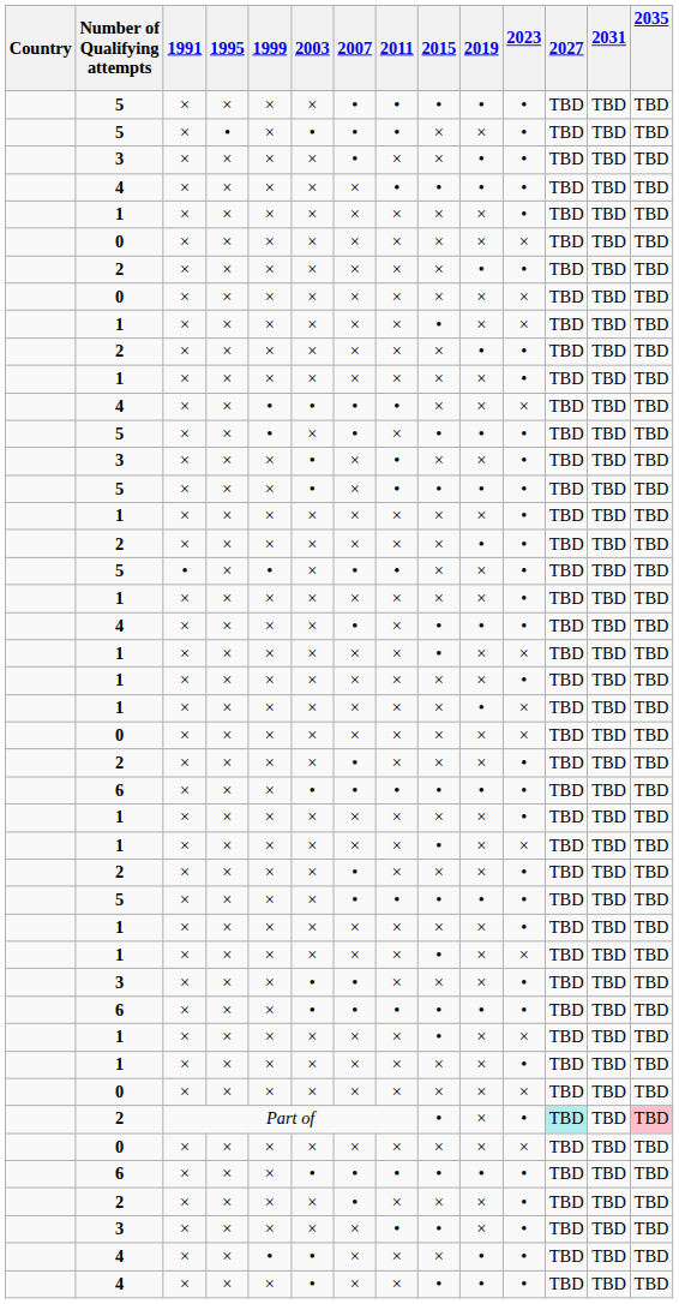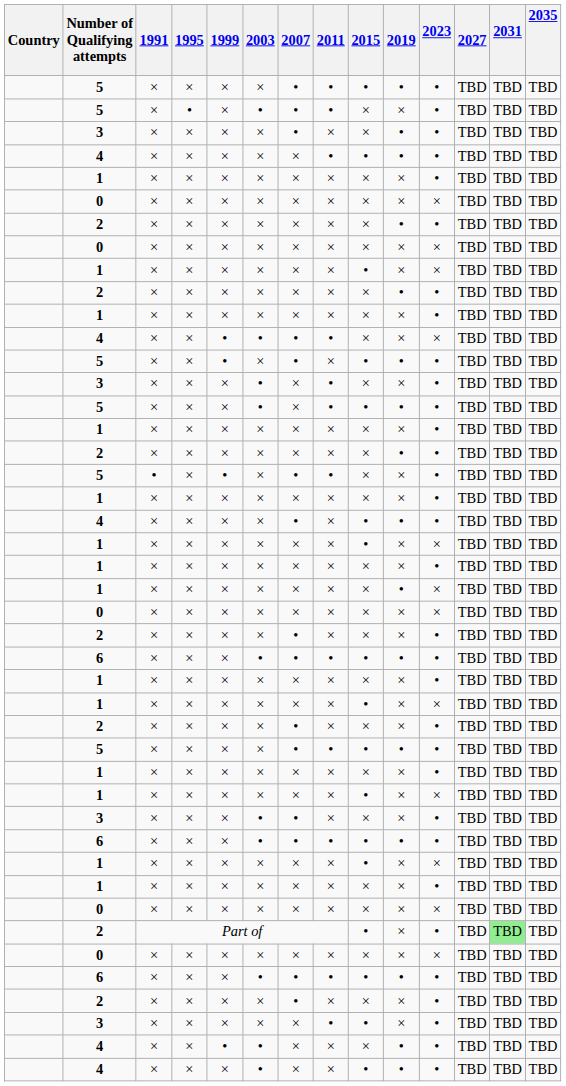 <table class="wikitable" style="text-align: center;">
 <tr>
 <th>Country</th>
 <th>Number of <br> Qualifying <br> attempts</th>
 <th><a href='#'>1991</a><br></th>
 <th><a href='#'>1995</a><br></th>
 <th><a href='#'>1999</a><br></th>
 <th><a href='#'>2003</a><br></th>
 <th><a href='#'>2007</a><br></th>
 <th><a href='#'>2011</a><br></th>
 <th><a href='#'>2015</a><br></th>
 <th><a href='#'>2019</a><br></th>
 <th><a href='#'>2023</a><br><br></th>
 <th><a href='#'>2027</a><br></th>
 <th><a href='#'>2031</a><br><br></th>
 <th><a href='#'>2035</a><br><br><br><br></th>
 </tr>
 <tr>
 <td style="text-align: left;"></td>
 <td><strong>5</strong></td>
 <td>×</td>
 <td>×</td>
 <td>×</td>
 <td>×</td>
 <td>•</td>
 <td>•</td>
 <td>•</td>
 <td>•</td>
 <td>•</td>
 <td>TBD</td>
 <td>TBD</td>
 <td>TBD</td>
 </tr>
 <tr>
 <td style="text-align: left;"></td>
 <td><strong>5</strong></td>
 <td>×</td>
 <td>•</td>
 <td>×</td>
 <td>•</td>
 <td>•</td>
 <td>•</td>
 <td>×</td>
 <td>×</td>
 <td>•</td>
 <td>TBD</td>
 <td>TBD</td>
 <td>TBD</td>
 </tr>
 <tr>
 <td style="text-align: left;"></td>
 <td><strong>3</strong></td>
 <td>×</td>
 <td>×</td>
 <td>×</td>
 <td>×</td>
 <td>•</td>
 <td>×</td>
 <td>×</td>
 <td>•</td>
 <td>•</td>
 <td>TBD</td>
 <td>TBD</td>
 <td>TBD</td>
 </tr>
 <tr>
 <td style="text-align: left;"></td>
 <td><strong>4</strong></td>
 <td>×</td>
 <td>×</td>
 <td>×</td>
 <td>×</td>
 <td>×</td>
 <td>•</td>
 <td>•</td>
 <td>•</td>
 <td>•</td>
 <td>TBD</td>
 <td>TBD</td>
 <td>TBD</td>
 </tr>
 <tr>
 <td style="text-align: left;"></td>
 <td><strong>1</strong></td>
 <td>×</td>
 <td>×</td>
 <td>×</td>
 <td>×</td>
 <td>×</td>
 <td>×</td>
 <td>×</td>
 <td>×</td>
 <td>•</td>
 <td>TBD</td>
 <td>TBD</td>
 <td>TBD</td>
 </tr>
 <tr>
 <td style="text-align: left;"></td>
 <td><strong>0</strong></td>
 <td>×</td>
 <td>×</td>
 <td>×</td>
 <td>×</td>
 <td>×</td>
 <td>×</td>
 <td>×</td>
 <td>×</td>
 <td>×</td>
 <td>TBD</td>
 <td>TBD</td>
 <td>TBD</td>
 </tr>
 <tr>
 <td style="text-align: left;"></td>
 <td><strong>2</strong></td>
 <td>×</td>
 <td>×</td>
 <td>×</td>
 <td>×</td>
 <td>×</td>
 <td>×</td>
 <td>×</td>
 <td>•</td>
 <td>•</td>
 <td>TBD</td>
 <td>TBD</td>
 <td>TBD</td>
 </tr>
 <tr>
 <td style="text-align: left;"></td>
 <td><strong>0</strong></td>
 <td>×</td>
 <td>×</td>
 <td>×</td>
 <td>×</td>
 <td>×</td>
 <td>×</td>
 <td>×</td>
 <td>×</td>
 <td>×</td>
 <td>TBD</td>
 <td>TBD</td>
 <td>TBD</td>
 </tr>
 <tr>
 <td style="text-align: left;"></td>
 <td><strong>1</strong></td>
 <td>×</td>
 <td>×</td>
 <td>×</td>
 <td>×</td>
 <td>×</td>
 <td>×</td>
 <td>•</td>
 <td>×</td>
 <td>×</td>
 <td>TBD</td>
 <td>TBD</td>
 <td>TBD</td>
 </tr>
 <tr>
 <td style="text-align: left;"></td>
 <td><strong>2</strong></td>
 <td>×</td>
 <td>×</td>
 <td>×</td>
 <td>×</td>
 <td>×</td>
 <td>×</td>
 <td>×</td>
 <td>•</td>
 <td>•</td>
 <td>TBD</td>
 <td>TBD</td>
 <td>TBD</td>
 </tr>
 <tr>
 <td style="text-align: left;"></td>
 <td><strong>1</strong></td>
 <td>×</td>
 <td>×</td>
 <td>×</td>
 <td>×</td>
 <td>×</td>
 <td>×</td>
 <td>×</td>
 <td>×</td>
 <td>•</td>
 <td>TBD</td>
 <td>TBD</td>
 <td>TBD</td>
 </tr>
 <tr>
 <td style="text-align: left;"></td>
 <td><strong>4</strong></td>
 <td>×</td>
 <td>×</td>
 <td>•</td>
 <td>•</td>
 <td>•</td>
 <td>•</td>
 <td>×</td>
 <td>×</td>
 <td>×</td>
 <td>TBD</td>
 <td>TBD</td>
 <td>TBD</td>
 </tr>
 <tr>
 <td style="text-align: left;"></td>
 <td><strong>5</strong></td>
 <td>×</td>
 <td>×</td>
 <td>•</td>
 <td>×</td>
 <td>•</td>
 <td>×</td>
 <td>•</td>
 <td>•</td>
 <td>•</td>
 <td>TBD</td>
 <td>TBD</td>
 <td>TBD</td>
 </tr>
 <tr>
 <td style="text-align: left;"></td>
 <td><strong>3</strong></td>
 <td>×</td>
 <td>×</td>
 <td>×</td>
 <td>•</td>
 <td>×</td>
 <td>•</td>
 <td>×</td>
 <td>×</td>
 <td>•</td>
 <td>TBD</td>
 <td>TBD</td>
 <td>TBD</td>
 </tr>
 <tr>
 <td style="text-align: left;"></td>
 <td><strong>5</strong></td>
 <td>×</td>
 <td>×</td>
 <td>×</td>
 <td>•</td>
 <td>×</td>
 <td>•</td>
 <td>•</td>
 <td>•</td>
 <td>•</td>
 <td>TBD</td>
 <td>TBD</td>
 <td>TBD</td>
 </tr>
 <tr>
 <td style="text-align: left;"></td>
 <td><strong>1</strong></td>
 <td>×</td>
 <td>×</td>
 <td>×</td>
 <td>×</td>
 <td>×</td>
 <td>×</td>
 <td>×</td>
 <td>×</td>
 <td>•</td>
 <td>TBD</td>
 <td>TBD</td>
 <td>TBD</td>
 </tr>
 <tr>
 <td style="text-align: left;"></td>
 <td><strong>2</strong></td>
 <td>×</td>
 <td>×</td>
 <td>×</td>
 <td>×</td>
 <td>×</td>
 <td>×</td>
 <td>×</td>
 <td>•</td>
 <td>•</td>
 <td>TBD</td>
 <td>TBD</td>
 <td>TBD</td>
 </tr>
 <tr>
 <td style="text-align: left;"></td>
 <td><strong>5</strong></td>
 <td>•</td>
 <td>×</td>
 <td>•</td>
 <td>×</td>
 <td>•</td>
 <td>•</td>
 <td>×</td>
 <td>×</td>
 <td>•</td>
 <td>TBD</td>
 <td>TBD</td>
 <td>TBD</td>
 </tr>
 <tr>
 <td style="text-align: left;"></td>
 <td><strong>1</strong></td>
 <td>×</td>
 <td>×</td>
 <td>×</td>
 <td>×</td>
 <td>×</td>
 <td>×</td>
 <td>×</td>
 <td>×</td>
 <td>•</td>
 <td>TBD</td>
 <td>TBD</td>
 <td>TBD</td>
 </tr>
 <tr>
 <td style="text-align: left;"></td>
 <td><strong>4</strong></td>
 <td>×</td>
 <td>×</td>
 <td>×</td>
 <td>×</td>
 <td>•</td>
 <td>×</td>
 <td>•</td>
 <td>•</td>
 <td>•</td>
 <td>TBD</td>
 <td>TBD</td>
 <td>TBD</td>
 </tr>
 <tr>
 <td style="text-align: left;"></td>
 <td><strong>1</strong></td>
 <td>×</td>
 <td>×</td>
 <td>×</td>
 <td>×</td>
 <td>×</td>
 <td>×</td>
 <td>•</td>
 <td>×</td>
 <td>×</td>
 <td>TBD</td>
 <td>TBD</td>
 <td>TBD</td>
 </tr>
 <tr>
 <td style="text-align: left;"></td>
 <td><strong>1</strong></td>
 <td>×</td>
 <td>×</td>
 <td>×</td>
 <td>×</td>
 <td>×</td>
 <td>×</td>
 <td>×</td>
 <td>×</td>
 <td>•</td>
 <td>TBD</td>
 <td>TBD</td>
 <td>TBD</td>
 </tr>
 <tr>
 <td style="text-align: left;"></td>
 <td><strong>1</strong></td>
 <td>×</td>
 <td>×</td>
 <td>×</td>
 <td>×</td>
 <td>×</td>
 <td>×</td>
 <td>×</td>
 <td>•</td>
 <td>×</td>
 <td>TBD</td>
 <td>TBD</td>
 <td>TBD</td>
 </tr>
 <tr>
 <td style="text-align: left;"></td>
 <td><strong>0</strong></td>
 <td>×</td>
 <td>×</td>
 <td>×</td>
 <td>×</td>
 <td>×</td>
 <td>×</td>
 <td>×</td>
 <td>×</td>
 <td>×</td>
 <td>TBD</td>
 <td>TBD</td>
 <td>TBD</td>
 </tr>
 <tr>
 <td style="text-align: left;"></td>
 <td><strong>2</strong></td>
 <td>×</td>
 <td>×</td>
 <td>×</td>
 <td>×</td>
 <td>•</td>
 <td>×</td>
 <td>×</td>
 <td>×</td>
 <td>•</td>
 <td>TBD</td>
 <td>TBD</td>
 <td>TBD</td>
 </tr>
 <tr>
 <td style="text-align: left;"></td>
 <td><strong>6</strong></td>
 <td>×</td>
 <td>×</td>
 <td>×</td>
 <td>•</td>
 <td>•</td>
 <td>•</td>
 <td>•</td>
 <td>•</td>
 <td>•</td>
 <td>TBD</td>
 <td>TBD</td>
 <td>TBD</td>
 </tr>
 <tr>
 <td style="text-align: left;"></td>
 <td><strong>1</strong></td>
 <td>×</td>
 <td>×</td>
 <td>×</td>
 <td>×</td>
 <td>×</td>
 <td>×</td>
 <td>×</td>
 <td>×</td>
 <td>•</td>
 <td>TBD</td>
 <td>TBD</td>
 <td>TBD</td>
 </tr>
 <tr>
 <td style="text-align: left;"></td>
 <td><strong>1</strong></td>
 <td>×</td>
 <td>×</td>
 <td>×</td>
 <td>×</td>
 <td>×</td>
 <td>×</td>
 <td>•</td>
 <td>×</td>
 <td>×</td>
 <td>TBD</td>
 <td>TBD</td>
 <td>TBD</td>
 </tr>
 <tr>
 <td style="text-align: left;"></td>
 <td><strong>2</strong></td>
 <td>×</td>
 <td>×</td>
 <td>×</td>
 <td>×</td>
 <td>•</td>
 <td>×</td>
 <td>×</td>
 <td>×</td>
 <td>•</td>
 <td>TBD</td>
 <td>TBD</td>
 <td>TBD</td>
 </tr>
 <tr>
 <td style="text-align: left;"></td>
 <td><strong>5</strong></td>
 <td>×</td>
 <td>×</td>
 <td>×</td>
 <td>×</td>
 <td>•</td>
 <td>•</td>
 <td>•</td>
 <td>•</td>
 <td>•</td>
 <td>TBD</td>
 <td>TBD</td>
 <td>TBD</td>
 </tr>
 <tr>
 <td style="text-align: left;"></td>
 <td><strong>1</strong></td>
 <td>×</td>
 <td>×</td>
 <td>×</td>
 <td>×</td>
 <td>×</td>
 <td>×</td>
 <td>×</td>
 <td>×</td>
 <td>•</td>
 <td>TBD</td>
 <td>TBD</td>
 <td>TBD</td>
 </tr>
 <tr>
 <td style="text-align: left;"></td>
 <td><strong>1</strong></td>
 <td>×</td>
 <td>×</td>
 <td>×</td>
 <td>×</td>
 <td>×</td>
 <td>×</td>
 <td>•</td>
 <td>×</td>
 <td>×</td>
 <td>TBD</td>
 <td>TBD</td>
 <td>TBD</td>
 </tr>
 <tr>
 <td style="text-align: left;"></td>
 <td><strong>3</strong></td>
 <td>×</td>
 <td>×</td>
 <td>×</td>
 <td>•</td>
 <td>•</td>
 <td>×</td>
 <td>×</td>
 <td>×</td>
 <td>•</td>
 <td>TBD</td>
 <td>TBD</td>
 <td>TBD</td>
 </tr>
 <tr>
 <td style="text-align: left;"></td>
 <td><strong>6</strong></td>
 <td>×</td>
 <td>×</td>
 <td>×</td>
 <td>•</td>
 <td>•</td>
 <td>•</td>
 <td>•</td>
 <td>•</td>
 <td>•</td>
 <td>TBD</td>
 <td>TBD</td>
 <td>TBD</td>
 </tr>
 <tr>
 <td style="text-align: left;"></td>
 <td><strong>1</strong></td>
 <td>×</td>
 <td>×</td>
 <td>×</td>
 <td>×</td>
 <td>×</td>
 <td>×</td>
 <td>•</td>
 <td>×</td>
 <td>×</td>
 <td>TBD</td>
 <td>TBD</td>
 <td>TBD</td>
 </tr>
 <tr>
 <td style="text-align: left;"></td>
 <td><strong>1</strong></td>
 <td>×</td>
 <td>×</td>
 <td>×</td>
 <td>×</td>
 <td>×</td>
 <td>×</td>
 <td>×</td>
 <td>×</td>
 <td>•</td>
 <td>TBD</td>
 <td>TBD</td>
 <td>TBD</td>
 </tr>
 <tr>
 <td style="text-align: left;"></td>
 <td><strong>0</strong></td>
 <td>×</td>
 <td>×</td>
 <td>×</td>
 <td>×</td>
 <td>×</td>
 <td>×</td>
 <td>×</td>
 <td>×</td>
 <td>×</td>
 <td>TBD</td>
 <td>TBD</td>
 <td>TBD</td>
 </tr>
 <tr>
 <td style="text-align: left;"></td>
 <td><strong>2</strong></td>
 <td colspan=6><em>Part of </em></td>
 <td>•</td>
 <td>×</td>
 <td>•</td>
-<td style="background: paleturquoise;">TBD</td>
 <td>TBD</td>
-<td style="background: pink;">TBD</td>
+<td style="background: lightgreen;">TBD</td>
+<td>TBD</td>
 </tr>
 <tr>
 <td style="text-align: left;"></td>
 <td><strong>0</strong></td>
 <td>×</td>
 <td>×</td>
 <td>×</td>
 <td>×</td>
 <td>×</td>
 <td>×</td>
 <td>×</td>
 <td>×</td>
 <td>×</td>
 <td>TBD</td>
 <td>TBD</td>
 <td>TBD</td>
 </tr>
 <tr>
 <td style="text-align: left;"></td>
 <td><strong>6</strong></td>
 <td>×</td>
 <td>×</td>
 <td>×</td>
 <td>•</td>
 <td>•</td>
 <td>•</td>
 <td>•</td>
 <td>•</td>
 <td>•</td>
 <td>TBD</td>
 <td>TBD</td>
 <td>TBD</td>
 </tr>
 <tr>
 <td style="text-align: left;"></td>
 <td><strong>2</strong></td>
 <td>×</td>
 <td>×</td>
 <td>×</td>
 <td>×</td>
 <td>•</td>
 <td>×</td>
 <td>×</td>
 <td>×</td>
 <td>•</td>
 <td>TBD</td>
 <td>TBD</td>
 <td>TBD</td>
 </tr>
 <tr>
 <td style="text-align: left;"></td>
 <td><strong>3</strong></td>
 <td>×</td>
 <td>×</td>
 <td>×</td>
 <td>×</td>
 <td>×</td>
 <td>•</td>
 <td>•</td>
 <td>×</td>
 <td>•</td>
 <td>TBD</td>
 <td>TBD</td>
 <td>TBD</td>
 </tr>
 <tr>
 <td style="text-align: left;"></td>
 <td><strong>4</strong></td>
 <td>×</td>
 <td>×</td>
 <td>•</td>
 <td>•</td>
 <td>×</td>
 <td>×</td>
 <td>×</td>
 <td>•</td>
 <td>•</td>
 <td>TBD</td>
 <td>TBD</td>
 <td>TBD</td>
 </tr>
 <tr>
 <td style="text-align: left;"></td>
 <td><strong>4</strong></td>
 <td>×</td>
 <td>×</td>
 <td>×</td>
 <td>•</td>
 <td>×</td>
 <td>×</td>
 <td>•</td>
 <td>•</td>
 <td>•</td>
 <td>TBD</td>
 <td>TBD</td>
 <td>TBD</td>
 </tr>
 </table>
